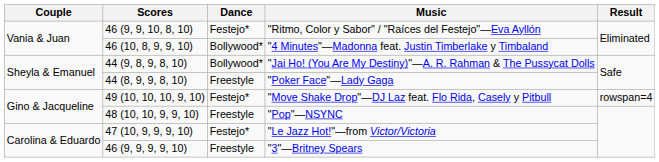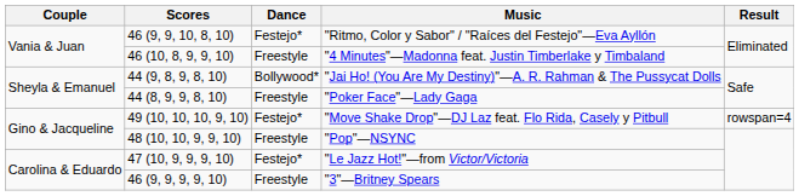 <table class="wikitable sortable" style="width:95%; white-space:nowrap">
 <tr>
 <th style="width:15%;">Couple</th>
 <th style="width:14%;">Scores</th>
 <th style="width:14%;">Dance</th>
 <th style="width:40%;">Music</th>
 <th style="width:12%;">Result</th>
 </tr>
 <tr>
 <td rowspan=2>Vania & Juan</td>
 <td>46 (9, 9, 10, 8, 10)</td>
 <td>Festejo*</td>
 <td>"Ritmo, Color y Sabor" / "Raíces del Festejo"—<a href='#'>Eva Ayllón</a></td>
 <td rowspan=2>Eliminated</td>
 </tr>
 <tr>
 <td>46 (10, 8, 9, 9, 10)</td>
-<td>Bollywood*</td>
+<td>Freestyle</td>
 <td>"<a href='#'>4 Minutes</a>"—<a href='#'>Madonna</a> feat. <a href='#'>Justin Timberlake</a> y <a href='#'>Timbaland</a></td>
 </tr>
 <tr>
 <td rowspan=2>Sheyla & Emanuel</td>
 <td>44 (9, 8, 9, 8, 10)</td>
 <td>Bollywood*</td>
 <td>"<a href='#'>Jai Ho! (You Are My Destiny)</a>"—<a href='#'>A. R. Rahman</a> & <a href='#'>The Pussycat Dolls</a></td>
 <td rowspan=2>Safe</td>
 </tr>
 <tr>
 <td>44 (8, 9, 9, 8, 10)</td>
 <td>Freestyle</td>
 <td>"<a href='#'>Poker Face</a>"—<a href='#'>Lady Gaga</a></td>
 </tr>
 <tr>
 <td rowspan=2>Gino & Jacqueline</td>
 <td>49 (10, 10, 10, 9, 10)</td>
 <td>Festejo*</td>
 <td>"<a href='#'>Move Shake Drop</a>"—<a href='#'>DJ Laz</a> feat. <a href='#'>Flo Rida</a>, <a href='#'>Casely</a> y <a href='#'>Pitbull</a></td>
 <td>rowspan=4 </td>
 </tr>
 <tr>
 <td>48 (10, 10, 9, 9, 10)</td>
 <td>Freestyle</td>
 <td>"<a href='#'>Pop</a>"—<a href='#'>NSYNC</a></td>
 </tr>
 <tr>
 <td rowspan=2>Carolina & Eduardo</td>
 <td>47 (10, 9, 9, 9, 10)</td>
 <td>Festejo*</td>
 <td>"<a href='#'>Le Jazz Hot!</a>"—from <em><a href='#'>Victor/Victoria</a></em></td>
 </tr>
 <tr>
 <td>46 (9, 9, 9, 9, 10)</td>
 <td>Freestyle</td>
 <td>"<a href='#'>3</a>"—<a href='#'>Britney Spears</a></td>
 </tr>
 </table>
